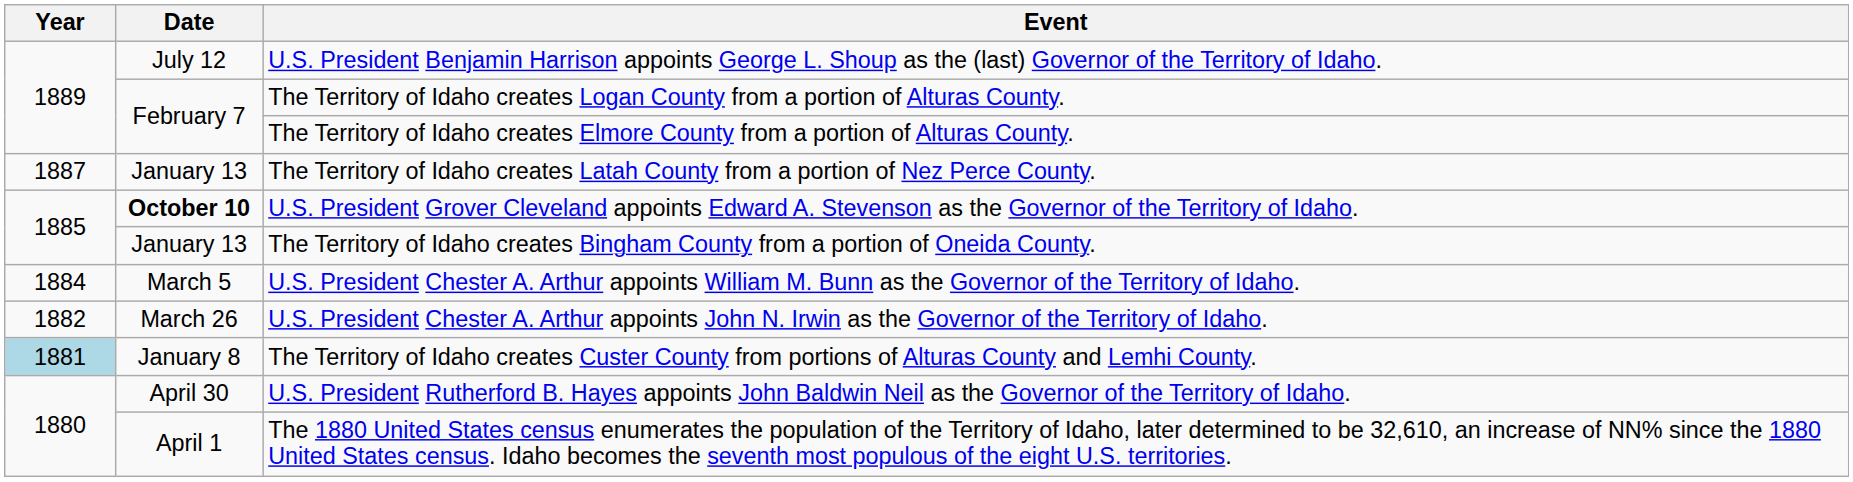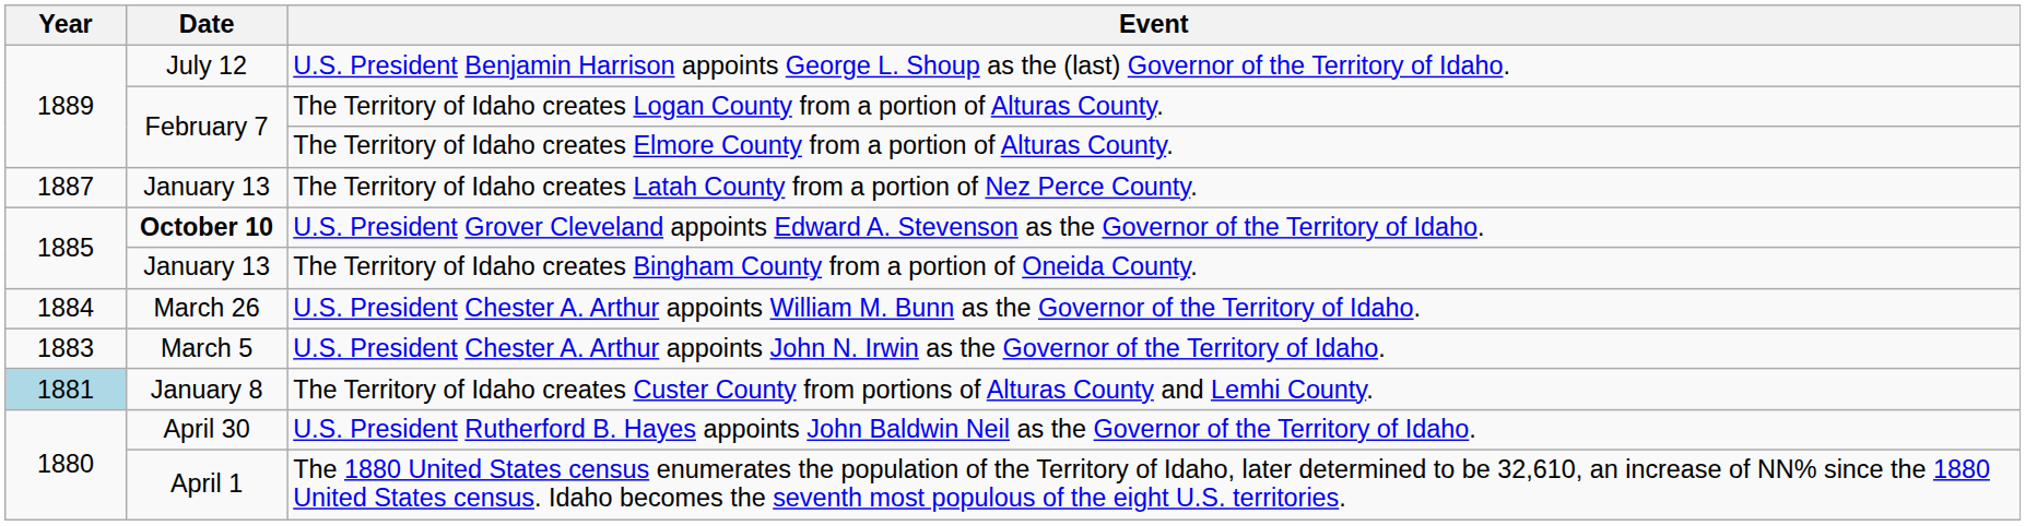 <table class="wikitable" style="width:100%;">
 <tr>
 <th style="width:6%">Year</th>
 <th style="width:8%">Date</th>
 <th style="width:86%">Event</th>
 </tr>
 <tr>
 <td align=center rowspan=3>1889</td>
 <td align=center>July 12</td>
 <td><a href='#'>U.S. President</a> <a href='#'>Benjamin Harrison</a> appoints <a href='#'>George L. Shoup</a> as the (last) <a href='#'>Governor of the Territory of Idaho</a>.</td>
 </tr>
 <tr>
 <td align=center rowspan=2>February 7</td>
 <td>The Territory of Idaho creates <a href='#'>Logan County</a> from a portion of <a href='#'>Alturas County</a>.</td>
 </tr>
 <tr>
 <td>The Territory of Idaho creates <a href='#'>Elmore County</a> from a portion of <a href='#'>Alturas County</a>.</td>
 </tr>
 <tr>
 <td align=center rowspan=1>1887</td>
 <td align=center>January 13</td>
 <td>The Territory of Idaho creates <a href='#'>Latah County</a> from a portion of <a href='#'>Nez Perce County</a>.</td>
 </tr>
 <tr>
 <td align=center rowspan=2>1885</td>
 <td align=center><strong>October 10</strong></td>
 <td><a href='#'>U.S. President</a> <a href='#'>Grover Cleveland</a> appoints <a href='#'>Edward A. Stevenson</a> as the <a href='#'>Governor of the Territory of Idaho</a>.</td>
 </tr>
 <tr>
 <td align=center>January 13</td>
 <td>The Territory of Idaho creates <a href='#'>Bingham County</a> from a portion of <a href='#'>Oneida County</a>.</td>
 </tr>
 <tr>
 <td align=center rowspan=1>1884</td>
-<td align=center>March 5</td>
+<td align=center>March 26</td>
 <td><a href='#'>U.S. President</a> <a href='#'>Chester A. Arthur</a> appoints <a href='#'>William M. Bunn</a> as the <a href='#'>Governor of the Territory of Idaho</a>.</td>
 </tr>
 <tr>
-<td align=center rowspan=1>1882</td>
-<td align=center>March 26</td>
+<td align=center rowspan=1>1883</td>
+<td align=center>March 5</td>
 <td><a href='#'>U.S. President</a> <a href='#'>Chester A. Arthur</a> appoints <a href='#'>John N. Irwin</a> as the <a href='#'>Governor of the Territory of Idaho</a>.</td>
 </tr>
 <tr>
 <td align=center rowspan=1 style="background: lightblue;">1881</td>
 <td align=center>January 8</td>
 <td>The Territory of Idaho creates <a href='#'>Custer County</a> from portions of <a href='#'>Alturas County</a> and <a href='#'>Lemhi County</a>.</td>
 </tr>
 <tr>
 <td align=center rowspan=2>1880</td>
 <td align=center>April 30</td>
 <td><a href='#'>U.S. President</a> <a href='#'>Rutherford B. Hayes</a> appoints <a href='#'>John Baldwin Neil</a> as the <a href='#'>Governor of the Territory of Idaho</a>.</td>
 </tr>
 <tr>
 <td align=center>April 1</td>
 <td>The <a href='#'>1880 United States census</a> enumerates the population of the Territory of Idaho, later determined to be 32,610, an increase of NN% since the <a href='#'>1880 United States census</a>. Idaho becomes the <a href='#'>seventh most populous of the eight U.S. territories</a>.</td>
 </tr>
 </table>
